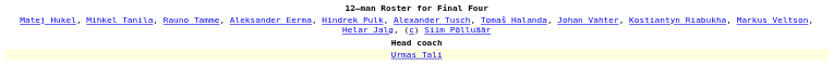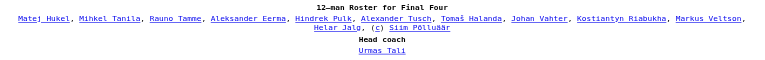 <table style="text-align: center; margin-top: 2em; margin-left: auto; margin-right: auto">
 <tr>
 <td><strong>12–man Roster for Final Four</strong></td>
 </tr>
 <tr>
 <td><a href='#'>Matej Hukel</a>, <a href='#'>Mihkel Tanila</a>, <a href='#'>Rauno Tamme</a>, <a href='#'>Aleksander Eerma</a>, <a href='#'>Hindrek Pulk</a>, <a href='#'>Alexander Tusch</a>, <a href='#'>Tomaš Halanda</a>, <a href='#'>Johan Vahter</a>, <a href='#'>Kostiantyn Riabukha</a>, <a href='#'>Markus Veltson</a>, <a href='#'>Helar Jalg</a>, (<a href='#'>c</a>) <a href='#'>Siim Põlluäär</a></td>
 </tr>
 <tr>
 <td><strong>Head coach</strong></td>
 </tr>
 <tr>
-<td style="background: lightyellow;"><a href='#'>Urmas Tali</a></td>
+<td><a href='#'>Urmas Tali</a></td>
 </tr>
 </table>
